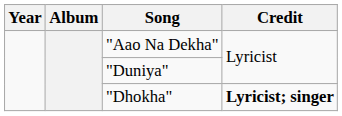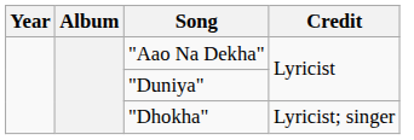 <table class="wikitable plainrowheaders sortable">
 <tr>
 <th>Year</th>
 <th>Album</th>
 <th>Song</th>
 <th>Credit</th>
 </tr>
 <tr>
 <td rowspan=3></td>
 <th scope=row rowspan="3"></th>
 <td>"Aao Na Dekha"</td>
 <td rowspan=2>Lyricist</td>
 </tr>
 <tr>
 <td>"Duniya"</td>
 </tr>
 <tr>
 <td>"Dhokha"</td>
-<td><strong>Lyricist; singer</strong></td>
+<td>Lyricist; singer</td>
 </tr>
 </table>
